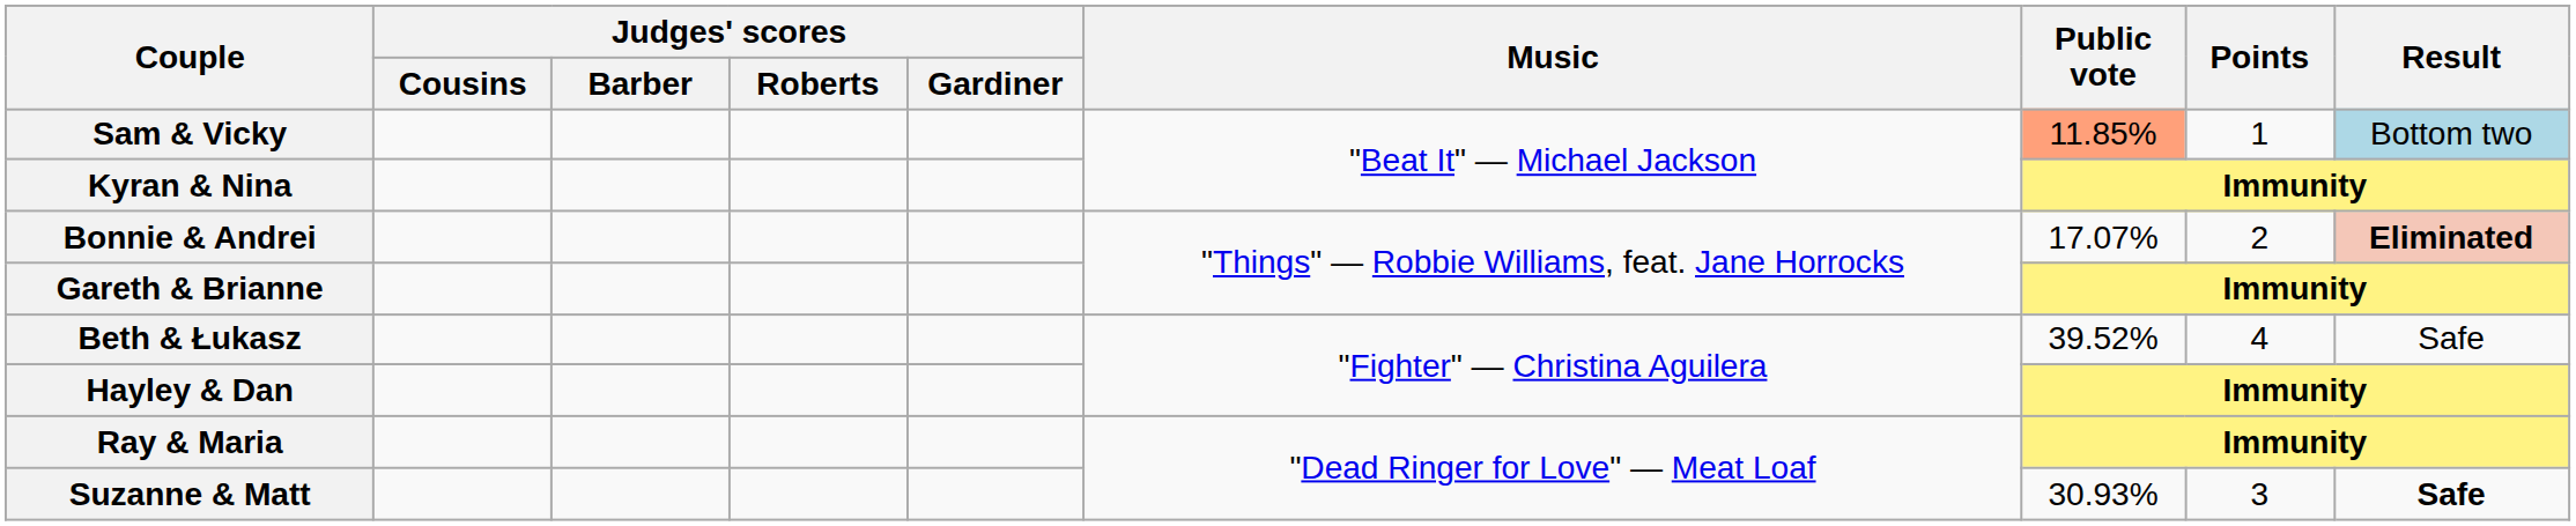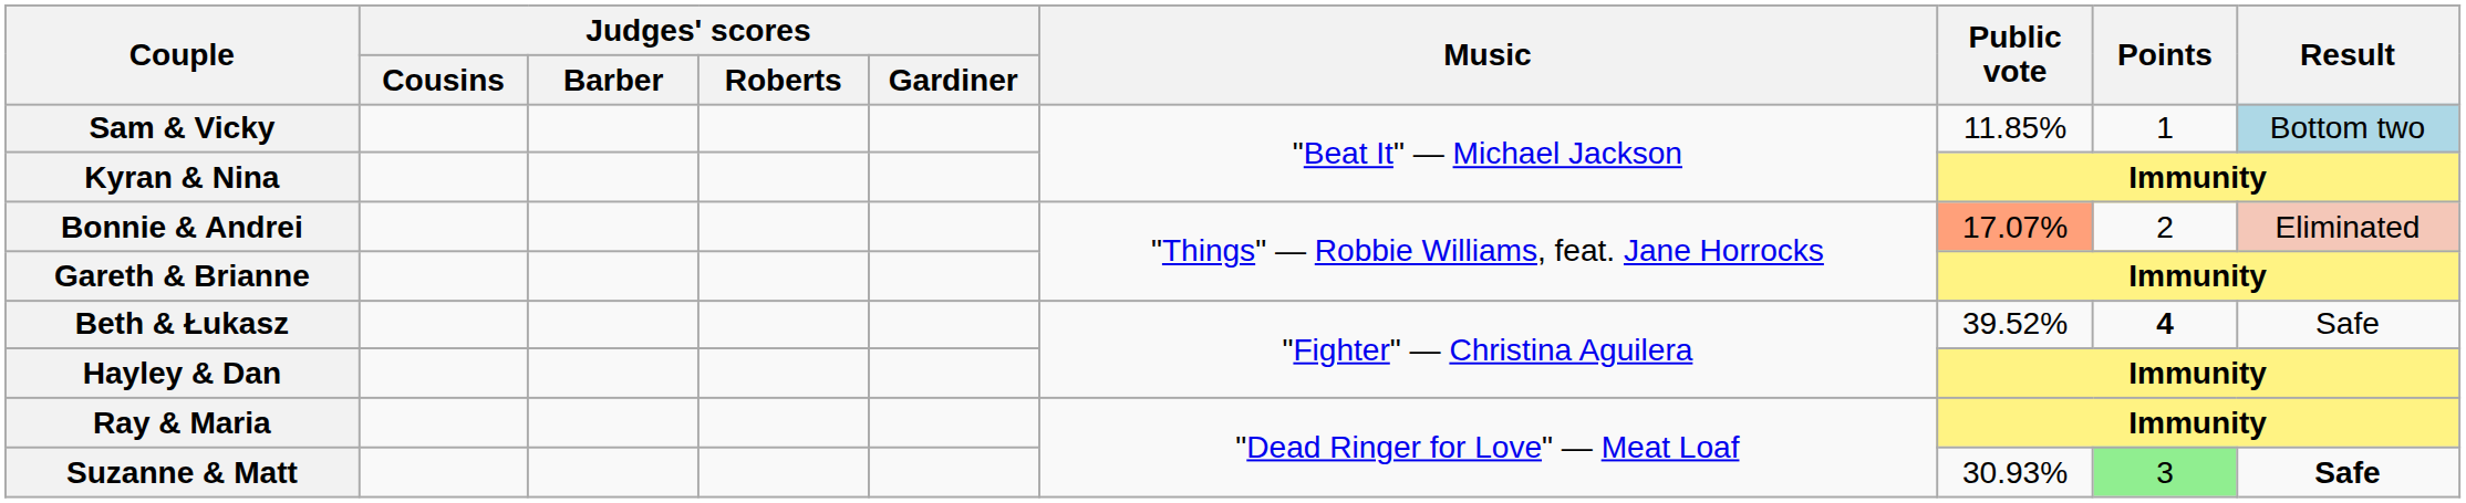 <table class="wikitable sortable" style="text-align:center; font-size:90%; width: 90%">
 <tr>
 <th scope="col" rowspan=2>Couple</th>
 <th scope="col" colspan=4>Judges' scores</th>
 <th scope="col" rowspan=2>Music</th>
 <th scope="col" rowspan=2>Public<br>vote</th>
 <th scope="col" rowspan=2>Points</th>
 <th scope="col" rowspan=2>Result</th>
 </tr>
 <tr>
 <th style="width:5em;">Cousins</th>
 <th style="width:5em;">Barber</th>
 <th style="width:5em;">Roberts</th>
 <th style="width:5em;">Gardiner</th>
 </tr>
 <tr>
 <th scope="row">Sam & Vicky</th>
 <td></td>
 <td></td>
 <td></td>
 <td></td>
 <td rowspan=2 scope="row">"<a href='#'>Beat It</a>" — <a href='#'>Michael Jackson</a></td>
-<td style="background: lightsalmon;">11.85%</td>
+<td>11.85%</td>
 <td>1</td>
 <td bgcolor=lightblue>Bottom two</td>
 </tr>
 <tr>
 <th scope="row">Kyran & Nina</th>
 <td></td>
 <td></td>
 <td></td>
 <td></td>
 <td colspan="3" bgcolor="fff383"><strong>Immunity</strong></td>
 </tr>
 <tr>
 <th scope="row">Bonnie & Andrei</th>
 <td></td>
 <td></td>
 <td></td>
 <td></td>
 <td rowspan=2 scope="row">"<a href='#'>Things</a>" — <a href='#'>Robbie Williams</a>, feat. <a href='#'>Jane Horrocks</a></td>
-<td>17.07%</td>
+<td style="background: lightsalmon;">17.07%</td>
 <td>2</td>
-<td bgcolor=f4c7b8><strong>Eliminated</strong></td>
+<td bgcolor=f4c7b8>Eliminated</td>
 </tr>
 <tr>
 <th scope="row">Gareth & Brianne</th>
 <td></td>
 <td></td>
 <td></td>
 <td></td>
 <td colspan="3" bgcolor="fff383"><strong>Immunity</strong></td>
 </tr>
 <tr>
 <th scope="row">Beth & Łukasz</th>
 <td></td>
 <td></td>
 <td></td>
 <td></td>
 <td rowspan=2 scope="row">"<a href='#'>Fighter</a>" — <a href='#'>Christina Aguilera</a></td>
 <td>39.52%</td>
-<td>4</td>
+<td><strong>4</strong></td>
 <td>Safe</td>
 </tr>
 <tr>
 <th scope="row">Hayley & Dan</th>
 <td></td>
 <td></td>
 <td></td>
 <td></td>
 <td colspan="3" bgcolor="fff383"><strong>Immunity</strong></td>
 </tr>
 <tr>
 <th scope="row">Ray & Maria</th>
 <td></td>
 <td></td>
 <td></td>
 <td></td>
 <td rowspan=2 scope="row">"<a href='#'>Dead Ringer for Love</a>" — <a href='#'>Meat Loaf</a></td>
 <td colspan="3" bgcolor="fff383"><strong>Immunity</strong></td>
 </tr>
 <tr>
 <th scope="row">Suzanne & Matt</th>
 <td></td>
 <td></td>
 <td></td>
 <td></td>
 <td>30.93%</td>
-<td>3</td>
+<td style="background: lightgreen;">3</td>
 <td><strong>Safe</strong></td>
 </tr>
 </table>
